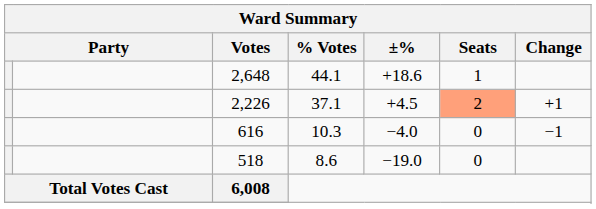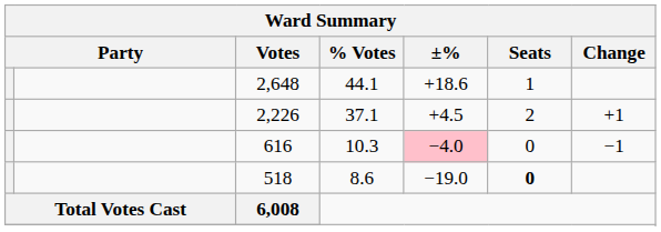 <table class="wikitable" style="font-size: 95%;">
 <tr>
 <th colspan="7">Ward Summary</th>
 </tr>
 <tr>
 <th colspan="2">Party</th>
 <th style="width: 60px">Votes</th>
 <th style="width: 60px">% Votes</th>
 <th style="width: 60px">±%</th>
 <th style="width: 60px">Seats</th>
 <th style="width: 60px">Change</th>
 </tr>
 <tr>
 <th style="background-color: "></th>
 <td style="width: 170px"><a href='#'></a></td>
 <td align="center">2,648</td>
 <td align="center">44.1</td>
 <td align="center">+18.6</td>
 <td align="center">1</td>
 <td align="center"></td>
 </tr>
 <tr>
 <th style="background-color: "></th>
 <td style="width: 170px"><a href='#'></a></td>
 <td align="center">2,226</td>
 <td align="center">37.1</td>
 <td align="center">+4.5</td>
-<td align="center" style="background: lightsalmon;">2</td>
+<td align="center">2</td>
 <td align="center">+1</td>
 </tr>
 <tr>
 <th style="background-color: "></th>
 <td style="width: 170px"><a href='#'></a></td>
 <td align="center">616</td>
 <td align="center">10.3</td>
-<td align="center">−4.0</td>
+<td align="center" style="background: pink;">−4.0</td>
 <td align="center">0</td>
 <td align="center">−1</td>
 </tr>
 <tr>
 <th style="background-color: "></th>
 <td style="width: 170px"><a href='#'></a></td>
 <td align="center">518</td>
 <td align="center">8.6</td>
 <td align="center">−19.0</td>
-<td align="center">0</td>
+<td align="center"><strong>0</strong></td>
 <td align="center"></td>
 </tr>
 <tr style="background-color:#E9E9E9">
 <th colspan="2">Total Votes Cast</th>
 <th style="width: 60px">6,008</th>
 </tr>
 <tr style="background-color:#E9E9E9">
 </tr>
 </table>
